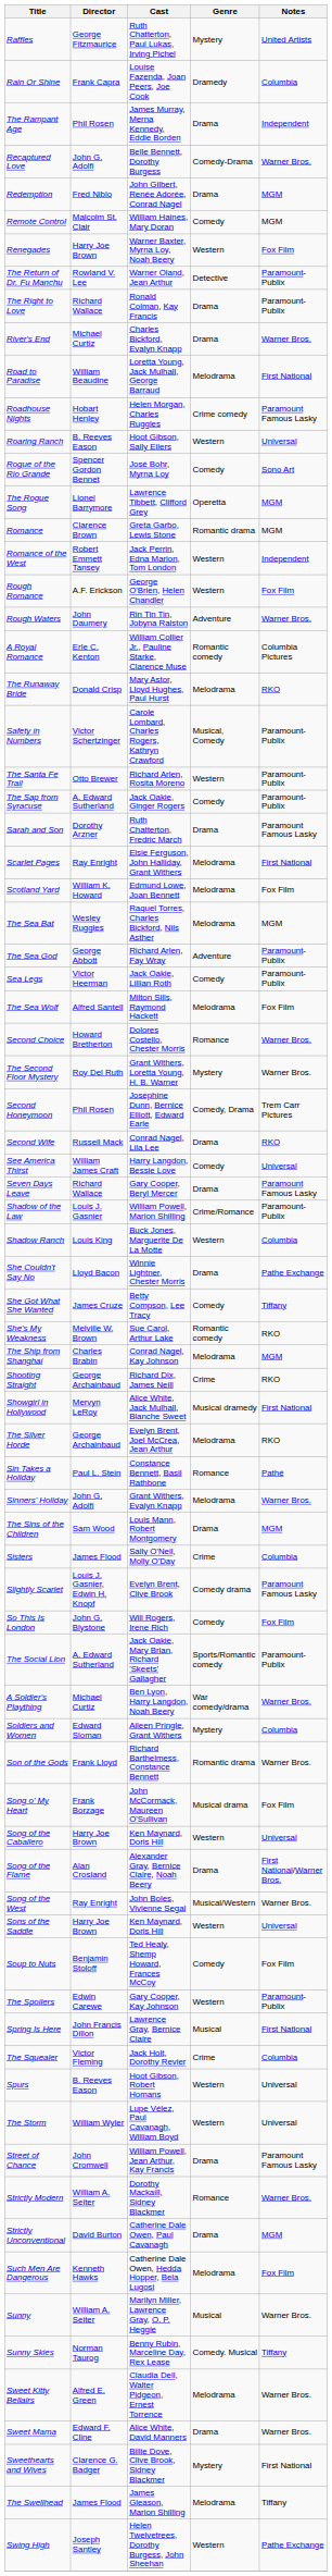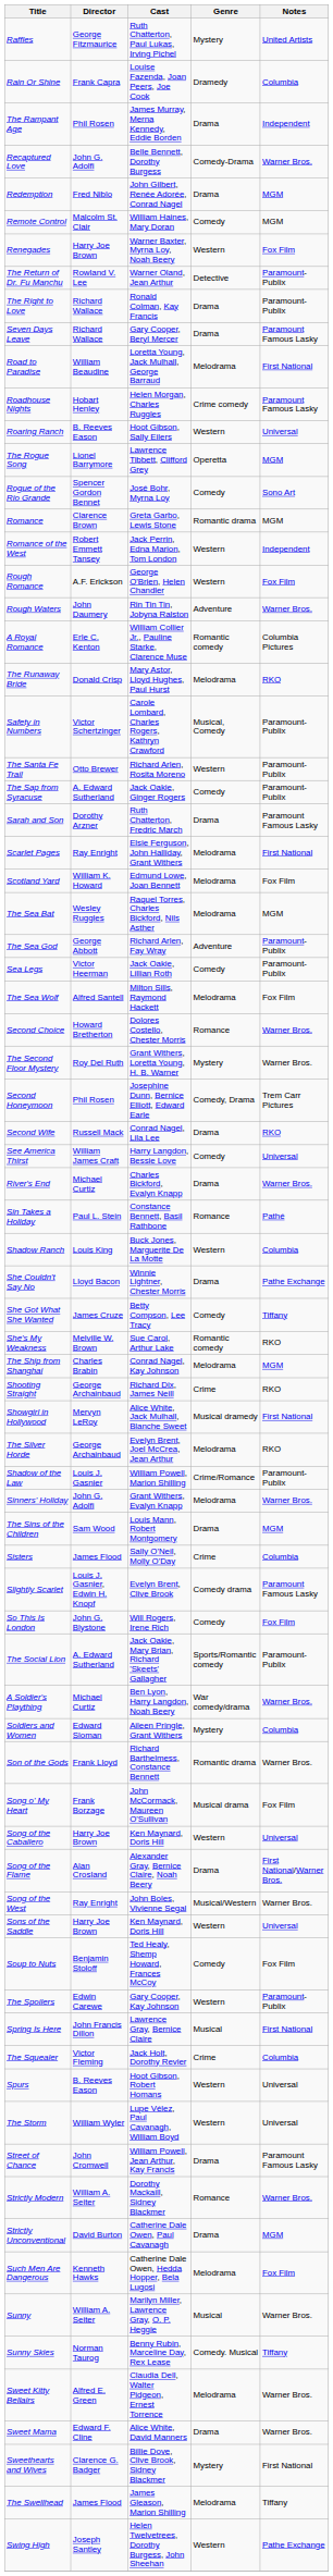 <table class=wikitable>
 <tr>
 <th>Title</th>
 <th>Director</th>
 <th>Cast</th>
 <th>Genre</th>
 <th>Notes</th>
 </tr>
 <tr>
 <td><em><a href='#'>Raffles</a></em></td>
 <td><a href='#'>George Fitzmaurice</a></td>
 <td><a href='#'>Ruth Chatterton</a>, <a href='#'>Paul Lukas</a>, <a href='#'>Irving Pichel</a></td>
 <td>Mystery</td>
 <td><a href='#'>United Artists</a></td>
 </tr>
 <tr>
 <td><em><a href='#'>Rain Or Shine</a></em></td>
 <td><a href='#'>Frank Capra</a></td>
 <td><a href='#'>Louise Fazenda</a>, <a href='#'>Joan Peers</a>, <a href='#'>Joe Cook</a></td>
 <td>Dramedy</td>
 <td><a href='#'>Columbia</a></td>
 </tr>
 <tr>
 <td><em><a href='#'>The Rampant Age</a></em></td>
 <td><a href='#'>Phil Rosen</a></td>
 <td><a href='#'>James Murray</a>, <a href='#'>Merna Kennedy</a>, <a href='#'>Eddie Borden</a></td>
 <td>Drama</td>
 <td><a href='#'>Independent</a></td>
 </tr>
 <tr>
 <td><em><a href='#'>Recaptured Love</a></em></td>
 <td><a href='#'>John G. Adolfi</a></td>
 <td><a href='#'>Belle Bennett</a>, <a href='#'>Dorothy Burgess</a></td>
 <td>Comedy-Drama</td>
 <td><a href='#'>Warner Bros.</a></td>
 </tr>
 <tr>
 <td><em><a href='#'>Redemption</a></em></td>
 <td><a href='#'>Fred Niblo</a></td>
 <td><a href='#'>John Gilbert</a>, <a href='#'>Renée Adorée</a>, <a href='#'>Conrad Nagel</a></td>
 <td>Drama</td>
 <td><a href='#'>MGM</a></td>
 </tr>
 <tr>
 <td><em><a href='#'>Remote Control</a></em></td>
 <td><a href='#'>Malcolm St. Clair</a></td>
 <td><a href='#'>William Haines</a>, <a href='#'>Mary Doran</a></td>
 <td>Comedy</td>
 <td>MGM</td>
 </tr>
 <tr>
 <td><em><a href='#'>Renegades</a></em></td>
 <td><a href='#'>Harry Joe Brown</a></td>
 <td><a href='#'>Warner Baxter</a>, <a href='#'>Myrna Loy</a>, <a href='#'>Noah Beery</a></td>
 <td>Western</td>
 <td><a href='#'>Fox Film</a></td>
 </tr>
 <tr>
 <td><em><a href='#'>The Return of Dr. Fu Manchu</a></em></td>
 <td><a href='#'>Rowland V. Lee</a></td>
 <td><a href='#'>Warner Oland</a>, <a href='#'>Jean Arthur</a></td>
 <td>Detective</td>
 <td><a href='#'>Paramount</a>-Publix</td>
 </tr>
 <tr>
 <td><em><a href='#'>The Right to Love</a></em></td>
 <td><a href='#'>Richard Wallace</a></td>
 <td><a href='#'>Ronald Colman</a>, <a href='#'>Kay Francis</a></td>
 <td>Drama</td>
 <td>Paramount-Publix</td>
 </tr>
 <tr>
-<td><em><a href='#'>River's End</a></em></td>
-<td><a href='#'>Michael Curtiz</a></td>
-<td><a href='#'>Charles Bickford</a>, <a href='#'>Evalyn Knapp</a></td>
+<td><em><a href='#'>Seven Days Leave</a></em></td>
+<td><a href='#'>Richard Wallace</a></td>
+<td><a href='#'>Gary Cooper</a>, <a href='#'>Beryl Mercer</a></td>
 <td>Drama</td>
-<td><a href='#'>Warner Bros.</a></td>
+<td><a href='#'>Paramount</a> Famous Lasky</td>
 </tr>
 <tr>
 <td><em><a href='#'>Road to Paradise</a></em></td>
 <td><a href='#'>William Beaudine</a></td>
 <td><a href='#'>Loretta Young</a>, <a href='#'>Jack Mulhall</a>, <a href='#'>George Barraud</a></td>
 <td>Melodrama</td>
 <td><a href='#'>First National</a></td>
 </tr>
 <tr>
 <td><em><a href='#'>Roadhouse Nights</a></em></td>
 <td><a href='#'>Hobart Henley</a></td>
 <td><a href='#'>Helen Morgan</a>, <a href='#'>Charles Ruggles</a></td>
 <td>Crime comedy</td>
 <td><a href='#'>Paramount</a> Famous Lasky</td>
 </tr>
 <tr>
 <td><em><a href='#'>Roaring Ranch</a></em></td>
 <td><a href='#'>B. Reeves Eason</a></td>
 <td><a href='#'>Hoot Gibson</a>, <a href='#'>Sally Eilers</a></td>
 <td>Western</td>
 <td><a href='#'>Universal</a></td>
 </tr>
 <tr>
+<td><em><a href='#'>The Rogue Song</a></em></td>
+<td><a href='#'>Lionel Barrymore</a></td>
+<td><a href='#'>Lawrence Tibbett</a>, <a href='#'>Clifford Grey</a></td>
+<td>Operetta</td>
+<td><a href='#'>MGM</a></td>
+</tr>
+<tr>
 <td><em><a href='#'>Rogue of the Rio Grande</a></em></td>
 <td><a href='#'>Spencer Gordon Bennet</a></td>
 <td><a href='#'>José Bohr</a>, <a href='#'>Myrna Loy</a></td>
 <td>Comedy</td>
 <td><a href='#'>Sono Art</a></td>
-</tr>
-<tr>
-<td><em><a href='#'>The Rogue Song</a></em></td>
-<td><a href='#'>Lionel Barrymore</a></td>
-<td><a href='#'>Lawrence Tibbett</a>, <a href='#'>Clifford Grey</a></td>
-<td>Operetta</td>
-<td><a href='#'>MGM</a></td>
 </tr>
 <tr>
 <td><em><a href='#'>Romance</a></em></td>
 <td><a href='#'>Clarence Brown</a></td>
 <td><a href='#'>Greta Garbo</a>, <a href='#'>Lewis Stone</a></td>
 <td>Romantic drama</td>
 <td>MGM</td>
 </tr>
 <tr>
 <td><em><a href='#'>Romance of the West</a></em></td>
 <td><a href='#'>Robert Emmett Tansey</a></td>
 <td><a href='#'>Jack Perrin</a>, <a href='#'>Edna Marion</a>, <a href='#'>Tom London</a></td>
 <td>Western</td>
 <td><a href='#'>Independent</a></td>
 </tr>
 <tr>
 <td><em><a href='#'>Rough Romance</a></em></td>
 <td>A.F. Erickson</td>
 <td><a href='#'>George O'Brien</a>, <a href='#'>Helen Chandler</a></td>
 <td>Western</td>
 <td><a href='#'>Fox Film</a></td>
 </tr>
 <tr>
 <td><em><a href='#'>Rough Waters</a></em></td>
 <td><a href='#'>John Daumery</a></td>
 <td><a href='#'>Rin Tin Tin</a>, <a href='#'>Jobyna Ralston</a></td>
 <td>Adventure</td>
 <td><a href='#'>Warner Bros.</a></td>
 </tr>
 <tr>
 <td><em><a href='#'>A Royal Romance</a></em></td>
 <td><a href='#'>Erle C. Kenton</a></td>
 <td><a href='#'>William Collier Jr.</a>, <a href='#'>Pauline Starke</a>, <a href='#'>Clarence Muse</a></td>
 <td>Romantic comedy</td>
 <td>Columbia Pictures</td>
 </tr>
 <tr>
 <td><em><a href='#'>The Runaway Bride</a></em></td>
 <td><a href='#'>Donald Crisp</a></td>
 <td><a href='#'>Mary Astor</a>, <a href='#'>Lloyd Hughes</a>, <a href='#'>Paul Hurst</a></td>
 <td>Melodrama</td>
 <td><a href='#'>RKO</a></td>
 </tr>
 <tr>
 <td><em><a href='#'>Safety in Numbers</a></em></td>
 <td><a href='#'>Victor Schertzinger</a></td>
 <td><a href='#'>Carole Lombard</a>, <a href='#'>Charles Rogers</a>, <a href='#'>Kathryn Crawford</a></td>
 <td>Musical, Comedy</td>
 <td>Paramount-Publix</td>
 </tr>
 <tr>
 <td><em><a href='#'>The Santa Fe Trail</a></em></td>
 <td><a href='#'>Otto Brewer</a></td>
 <td><a href='#'>Richard Arlen</a>, <a href='#'>Rosita Moreno</a></td>
 <td>Western</td>
 <td>Paramount-Publix</td>
 </tr>
 <tr>
 <td><em><a href='#'>The Sap from Syracuse</a></em></td>
 <td><a href='#'>A. Edward Sutherland</a></td>
 <td><a href='#'>Jack Oakie</a>, <a href='#'>Ginger Rogers</a></td>
 <td>Comedy</td>
 <td>Paramount-Publix</td>
 </tr>
 <tr>
 <td><em><a href='#'>Sarah and Son</a></em></td>
 <td><a href='#'>Dorothy Arzner</a></td>
 <td><a href='#'>Ruth Chatterton</a>, <a href='#'>Fredric March</a></td>
 <td>Drama</td>
 <td>Paramount Famous Lasky</td>
 </tr>
 <tr>
 <td><em><a href='#'>Scarlet Pages</a></em></td>
 <td><a href='#'>Ray Enright</a></td>
 <td><a href='#'>Elsie Ferguson</a>, <a href='#'>John Halliday</a>, <a href='#'>Grant Withers</a></td>
 <td>Melodrama</td>
 <td><a href='#'>First National</a></td>
 </tr>
 <tr>
 <td><em><a href='#'>Scotland Yard</a></em></td>
 <td><a href='#'>William K. Howard</a></td>
 <td><a href='#'>Edmund Lowe</a>, <a href='#'>Joan Bennett</a></td>
 <td>Melodrama</td>
 <td>Fox Film</td>
 </tr>
 <tr>
 <td><em><a href='#'>The Sea Bat</a></em></td>
 <td><a href='#'>Wesley Ruggles</a></td>
 <td><a href='#'>Raquel Torres</a>, <a href='#'>Charles Bickford</a>, <a href='#'>Nils Asther</a></td>
 <td>Melodrama</td>
 <td>MGM</td>
 </tr>
 <tr>
 <td><em><a href='#'>The Sea God</a></em></td>
 <td><a href='#'>George Abbott</a></td>
 <td><a href='#'>Richard Arlen</a>, <a href='#'>Fay Wray</a></td>
 <td>Adventure</td>
 <td><a href='#'>Paramount</a>-Publix</td>
 </tr>
 <tr>
 <td><em><a href='#'>Sea Legs</a></em></td>
 <td><a href='#'>Victor Heerman</a></td>
 <td><a href='#'>Jack Oakie</a>, <a href='#'>Lillian Roth</a></td>
 <td>Comedy</td>
 <td>Paramount-Publix</td>
 </tr>
 <tr>
 <td><em><a href='#'>The Sea Wolf</a></em></td>
 <td><a href='#'>Alfred Santell</a></td>
 <td><a href='#'>Milton Sills</a>, <a href='#'>Raymond Hackett</a></td>
 <td>Melodrama</td>
 <td>Fox Film</td>
 </tr>
 <tr>
 <td><em><a href='#'>Second Choice</a></em></td>
 <td><a href='#'>Howard Bretherton</a></td>
 <td><a href='#'>Dolores Costello</a>, <a href='#'>Chester Morris</a></td>
 <td>Romance</td>
 <td><a href='#'>Warner Bros.</a></td>
 </tr>
 <tr>
 <td><em><a href='#'>The Second Floor Mystery</a></em></td>
 <td><a href='#'>Roy Del Ruth</a></td>
 <td><a href='#'>Grant Withers</a>, <a href='#'>Loretta Young</a>, <a href='#'>H. B. Warner</a></td>
 <td>Mystery</td>
 <td>Warner Bros.</td>
 </tr>
 <tr>
 <td><em><a href='#'>Second Honeymoon</a></em></td>
 <td><a href='#'>Phil Rosen</a></td>
 <td><a href='#'>Josephine Dunn</a>, <a href='#'>Bernice Elliott</a>, <a href='#'>Edward Earle</a></td>
 <td>Comedy, Drama</td>
 <td>Trem Carr Pictures</td>
 </tr>
 <tr>
 <td><em><a href='#'>Second Wife</a></em></td>
 <td><a href='#'>Russell Mack</a></td>
 <td><a href='#'>Conrad Nagel</a>, <a href='#'>Lila Lee</a></td>
 <td>Drama</td>
 <td><a href='#'>RKO</a></td>
 </tr>
 <tr>
 <td><em><a href='#'>See America Thirst</a></em></td>
 <td><a href='#'>William James Craft</a></td>
 <td><a href='#'>Harry Langdon</a>, <a href='#'>Bessie Love</a></td>
 <td>Comedy</td>
 <td><a href='#'>Universal</a></td>
 </tr>
 <tr>
-<td><em><a href='#'>Seven Days Leave</a></em></td>
-<td><a href='#'>Richard Wallace</a></td>
-<td><a href='#'>Gary Cooper</a>, <a href='#'>Beryl Mercer</a></td>
+<td><em><a href='#'>River's End</a></em></td>
+<td><a href='#'>Michael Curtiz</a></td>
+<td><a href='#'>Charles Bickford</a>, <a href='#'>Evalyn Knapp</a></td>
 <td>Drama</td>
-<td><a href='#'>Paramount</a> Famous Lasky</td>
+<td><a href='#'>Warner Bros.</a></td>
 </tr>
 <tr>
-<td><em><a href='#'>Shadow of the Law</a></em></td>
-<td><a href='#'>Louis J. Gasnier</a></td>
-<td><a href='#'>William Powell</a>, <a href='#'>Marion Shilling</a></td>
-<td>Crime/Romance</td>
-<td>Paramount-Publix</td>
+<td><em><a href='#'>Sin Takes a Holiday</a></em></td>
+<td><a href='#'>Paul L. Stein</a></td>
+<td><a href='#'>Constance Bennett</a>, <a href='#'>Basil Rathbone</a></td>
+<td>Romance</td>
+<td><a href='#'>Pathé</a></td>
 </tr>
 <tr>
 <td><em><a href='#'>Shadow Ranch</a></em></td>
 <td><a href='#'>Louis King</a></td>
 <td><a href='#'>Buck Jones</a>, <a href='#'>Marguerite De La Motte</a></td>
 <td>Western</td>
 <td><a href='#'>Columbia</a></td>
 </tr>
 <tr>
 <td><em><a href='#'>She Couldn't Say No</a></em></td>
 <td><a href='#'>Lloyd Bacon</a></td>
 <td><a href='#'>Winnie Lightner</a>, <a href='#'>Chester Morris</a></td>
 <td>Drama</td>
 <td><a href='#'>Pathe Exchange</a></td>
 </tr>
 <tr>
 <td><em><a href='#'>She Got What She Wanted</a></em></td>
 <td><a href='#'>James Cruze</a></td>
 <td><a href='#'>Betty Compson</a>, <a href='#'>Lee Tracy</a></td>
 <td>Comedy</td>
 <td><a href='#'>Tiffany</a></td>
 </tr>
 <tr>
 <td><em><a href='#'>She's My Weakness</a></em></td>
 <td><a href='#'>Melville W. Brown</a></td>
 <td><a href='#'>Sue Carol</a>, <a href='#'>Arthur Lake</a></td>
 <td>Romantic comedy</td>
 <td>RKO</td>
 </tr>
 <tr>
 <td><em><a href='#'>The Ship from Shanghai</a></em></td>
 <td><a href='#'>Charles Brabin</a></td>
 <td><a href='#'>Conrad Nagel</a>, <a href='#'>Kay Johnson</a></td>
 <td>Melodrama</td>
 <td><a href='#'>MGM</a></td>
 </tr>
 <tr>
 <td><em><a href='#'>Shooting Straight</a></em></td>
 <td><a href='#'>George Archainbaud</a></td>
 <td><a href='#'>Richard Dix</a>, <a href='#'>James Neill</a></td>
 <td>Crime</td>
 <td>RKO</td>
 </tr>
 <tr>
 <td><em><a href='#'>Showgirl in Hollywood</a></em></td>
 <td><a href='#'>Mervyn LeRoy</a></td>
 <td><a href='#'>Alice White</a>, <a href='#'>Jack Mulhall</a>, <a href='#'>Blanche Sweet</a></td>
 <td>Musical dramedy</td>
 <td><a href='#'>First National</a></td>
 </tr>
 <tr>
 <td><em><a href='#'>The Silver Horde</a></em></td>
 <td><a href='#'>George Archainbaud</a></td>
 <td><a href='#'>Evelyn Brent</a>, <a href='#'>Joel McCrea</a>, <a href='#'>Jean Arthur</a></td>
 <td>Melodrama</td>
 <td>RKO</td>
 </tr>
 <tr>
-<td><em><a href='#'>Sin Takes a Holiday</a></em></td>
-<td><a href='#'>Paul L. Stein</a></td>
-<td><a href='#'>Constance Bennett</a>, <a href='#'>Basil Rathbone</a></td>
-<td>Romance</td>
-<td><a href='#'>Pathé</a></td>
+<td><em><a href='#'>Shadow of the Law</a></em></td>
+<td><a href='#'>Louis J. Gasnier</a></td>
+<td><a href='#'>William Powell</a>, <a href='#'>Marion Shilling</a></td>
+<td>Crime/Romance</td>
+<td>Paramount-Publix</td>
 </tr>
 <tr>
 <td><em><a href='#'>Sinners' Holiday</a></em></td>
 <td><a href='#'>John G. Adolfi</a></td>
 <td><a href='#'>Grant Withers</a>, <a href='#'>Evalyn Knapp</a></td>
 <td>Melodrama</td>
 <td><a href='#'>Warner Bros.</a></td>
 </tr>
 <tr>
 <td><em><a href='#'>The Sins of the Children</a></em></td>
 <td><a href='#'>Sam Wood</a></td>
 <td><a href='#'>Louis Mann</a>, <a href='#'>Robert Montgomery</a></td>
 <td>Drama</td>
 <td><a href='#'>MGM</a></td>
 </tr>
 <tr>
 <td><em><a href='#'>Sisters</a></em></td>
 <td><a href='#'>James Flood</a></td>
 <td><a href='#'>Sally O'Neil</a>, <a href='#'>Molly O'Day</a></td>
 <td>Crime</td>
 <td><a href='#'>Columbia</a></td>
 </tr>
 <tr>
 <td><em><a href='#'>Slightly Scarlet</a></em></td>
 <td><a href='#'>Louis J. Gasnier</a>, <a href='#'>Edwin H. Knopf</a></td>
 <td><a href='#'>Evelyn Brent</a>, <a href='#'>Clive Brook</a></td>
 <td>Comedy drama</td>
 <td><a href='#'>Paramount</a> Famous Lasky</td>
 </tr>
 <tr>
 <td><em><a href='#'>So This Is London</a></em></td>
 <td><a href='#'>John G. Blystone</a></td>
 <td><a href='#'>Will Rogers</a>, <a href='#'>Irene Rich</a></td>
 <td>Comedy</td>
 <td><a href='#'>Fox Film</a></td>
 </tr>
 <tr>
 <td><em><a href='#'>The Social Lion</a></em></td>
 <td><a href='#'>A. Edward Sutherland</a></td>
 <td><a href='#'>Jack Oakie</a>, <a href='#'>Mary Brian</a>, <a href='#'>Richard 'Skeets' Gallagher</a></td>
 <td>Sports/Romantic comedy</td>
 <td>Paramount-Publix</td>
 </tr>
 <tr>
 <td><em><a href='#'>A Soldier's Plaything</a></em></td>
 <td><a href='#'>Michael Curtiz</a></td>
 <td><a href='#'>Ben Lyon</a>, <a href='#'>Harry Langdon</a>, <a href='#'>Noah Beery</a></td>
 <td>War comedy/drama</td>
 <td><a href='#'>Warner Bros.</a></td>
 </tr>
 <tr>
 <td><em><a href='#'>Soldiers and Women</a></em></td>
 <td><a href='#'>Edward Sloman</a></td>
 <td><a href='#'>Aileen Pringle</a>, <a href='#'>Grant Withers</a></td>
 <td>Mystery</td>
 <td><a href='#'>Columbia</a></td>
 </tr>
 <tr>
 <td><em><a href='#'>Son of the Gods</a></em></td>
 <td><a href='#'>Frank Lloyd</a></td>
 <td><a href='#'>Richard Barthelmess</a>, <a href='#'>Constance Bennett</a></td>
 <td>Romantic drama</td>
 <td>Warner Bros.</td>
 </tr>
 <tr>
 <td><em><a href='#'>Song o' My Heart</a></em></td>
 <td><a href='#'>Frank Borzage</a></td>
 <td><a href='#'>John McCormack</a>, <a href='#'>Maureen O'Sullivan</a></td>
 <td>Musical drama</td>
 <td>Fox Film</td>
 </tr>
 <tr>
 <td><em><a href='#'>Song of the Caballero</a></em></td>
 <td><a href='#'>Harry Joe Brown</a></td>
 <td><a href='#'>Ken Maynard</a>, <a href='#'>Doris Hill</a></td>
 <td>Western</td>
 <td><a href='#'>Universal</a></td>
 </tr>
 <tr>
 <td><em><a href='#'>Song of the Flame</a></em></td>
 <td><a href='#'>Alan Crosland</a></td>
 <td><a href='#'>Alexander Gray</a>, <a href='#'>Bernice Claire</a>, <a href='#'>Noah Beery</a></td>
 <td>Drama</td>
 <td><a href='#'>First National</a>/<a href='#'>Warner Bros.</a></td>
 </tr>
 <tr>
 <td><em><a href='#'>Song of the West</a></em></td>
 <td><a href='#'>Ray Enright</a></td>
 <td><a href='#'>John Boles</a>, <a href='#'>Vivienne Segal</a></td>
 <td>Musical/Western</td>
 <td>Warner Bros.</td>
 </tr>
 <tr>
 <td><em><a href='#'>Sons of the Saddle</a></em></td>
 <td><a href='#'>Harry Joe Brown</a></td>
 <td><a href='#'>Ken Maynard</a>, <a href='#'>Doris Hill</a></td>
 <td>Western</td>
 <td><a href='#'>Universal</a></td>
 </tr>
 <tr>
 <td><em><a href='#'>Soup to Nuts</a></em></td>
 <td><a href='#'>Benjamin Stoloff</a></td>
 <td><a href='#'>Ted Healy</a>, <a href='#'>Shemp Howard</a>, <a href='#'>Frances McCoy</a></td>
 <td>Comedy</td>
 <td>Fox Film</td>
 </tr>
 <tr>
 <td><em><a href='#'>The Spoilers</a></em></td>
 <td><a href='#'>Edwin Carewe</a></td>
 <td><a href='#'>Gary Cooper</a>, <a href='#'>Kay Johnson</a></td>
 <td>Western</td>
 <td><a href='#'>Paramount</a>-Publix</td>
 </tr>
 <tr>
 <td><em><a href='#'>Spring Is Here</a></em></td>
 <td><a href='#'>John Francis Dillon</a></td>
 <td><a href='#'>Lawrence Gray</a>, <a href='#'>Bernice Claire</a></td>
 <td>Musical</td>
 <td><a href='#'>First National</a></td>
 </tr>
 <tr>
 <td><em><a href='#'>The Squealer</a></em></td>
 <td><a href='#'>Victor Fleming</a></td>
 <td><a href='#'>Jack Holt</a>, <a href='#'>Dorothy Revier</a></td>
 <td>Crime</td>
 <td><a href='#'>Columbia</a></td>
 </tr>
 <tr>
 <td><em><a href='#'>Spurs</a></em></td>
 <td><a href='#'>B. Reeves Eason</a></td>
 <td><a href='#'>Hoot Gibson</a>, <a href='#'>Robert Homans</a></td>
 <td>Western</td>
 <td>Universal</td>
 </tr>
 <tr>
 <td><em><a href='#'>The Storm</a></em></td>
 <td><a href='#'>William Wyler</a></td>
 <td><a href='#'>Lupe Vélez</a>, <a href='#'>Paul Cavanagh</a>, <a href='#'>William Boyd</a></td>
 <td>Western</td>
 <td>Universal</td>
 </tr>
 <tr>
 <td><em><a href='#'>Street of Chance</a></em></td>
 <td><a href='#'>John Cromwell</a></td>
 <td><a href='#'>William Powell</a>, <a href='#'>Jean Arthur</a>, <a href='#'>Kay Francis</a></td>
 <td>Drama</td>
 <td>Paramount Famous Lasky</td>
 </tr>
 <tr>
 <td><em><a href='#'>Strictly Modern</a></em></td>
 <td><a href='#'>William A. Seiter</a></td>
 <td><a href='#'>Dorothy Mackaill</a>, <a href='#'>Sidney Blackmer</a></td>
 <td>Romance</td>
 <td><a href='#'>Warner Bros.</a></td>
 </tr>
 <tr>
 <td><em><a href='#'>Strictly Unconventional</a></em></td>
 <td><a href='#'>David Burton</a></td>
 <td><a href='#'>Catherine Dale Owen</a>, <a href='#'>Paul Cavanagh</a></td>
 <td>Drama</td>
 <td><a href='#'>MGM</a></td>
 </tr>
 <tr>
 <td><em><a href='#'>Such Men Are Dangerous</a></em></td>
 <td><a href='#'>Kenneth Hawks</a></td>
 <td>Catherine Dale Owen, <a href='#'>Hedda Hopper</a>, <a href='#'>Bela Lugosi</a></td>
 <td>Melodrama</td>
 <td><a href='#'>Fox Film</a></td>
 </tr>
 <tr>
 <td><em><a href='#'>Sunny</a></em></td>
 <td><a href='#'>William A. Seiter</a></td>
 <td><a href='#'>Marilyn Miller</a>, <a href='#'>Lawrence Gray</a>, <a href='#'>O. P. Heggie</a></td>
 <td>Musical</td>
 <td>Warner Bros.</td>
 </tr>
 <tr>
 <td><em><a href='#'>Sunny Skies</a></em></td>
 <td><a href='#'>Norman Taurog</a></td>
 <td><a href='#'>Benny Rubin</a>, <a href='#'>Marceline Day</a>, <a href='#'>Rex Lease</a></td>
 <td>Comedy. Musical</td>
 <td><a href='#'>Tiffany</a></td>
 </tr>
 <tr>
 <td><em><a href='#'>Sweet Kitty Bellairs</a></em></td>
 <td><a href='#'>Alfred E. Green</a></td>
 <td><a href='#'>Claudia Dell</a>, <a href='#'>Walter Pidgeon</a>, <a href='#'>Ernest Torrence</a></td>
 <td>Melodrama</td>
 <td>Warner Bros.</td>
 </tr>
 <tr>
 <td><em><a href='#'>Sweet Mama</a></em></td>
 <td><a href='#'>Edward F. Cline</a></td>
 <td><a href='#'>Alice White</a>, <a href='#'>David Manners</a></td>
 <td>Drama</td>
 <td>Warner Bros.</td>
 </tr>
 <tr>
 <td><em><a href='#'>Sweethearts and Wives</a></em></td>
 <td><a href='#'>Clarence G. Badger</a></td>
 <td><a href='#'>Billie Dove</a>, <a href='#'>Clive Brook</a>, <a href='#'>Sidney Blackmer</a></td>
 <td>Mystery</td>
 <td>First National</td>
 </tr>
 <tr>
 <td><em><a href='#'>The Swellhead</a></em></td>
 <td><a href='#'>James Flood</a></td>
 <td><a href='#'>James Gleason</a>, <a href='#'>Marion Shilling</a></td>
 <td>Melodrama</td>
 <td>Tiffany</td>
 </tr>
 <tr>
 <td><em><a href='#'>Swing High</a></em></td>
 <td><a href='#'>Joseph Santley</a></td>
 <td><a href='#'>Helen Twelvetrees</a>, <a href='#'>Dorothy Burgess</a>, <a href='#'>John Sheehan</a></td>
 <td>Western</td>
 <td><a href='#'>Pathe Exchange</a></td>
 </tr>
 <tr>
 </tr>
 </table>
